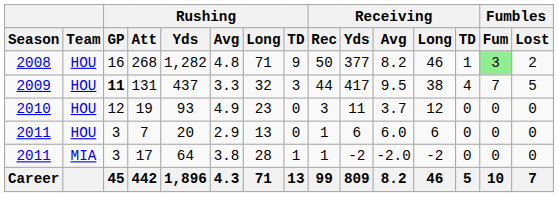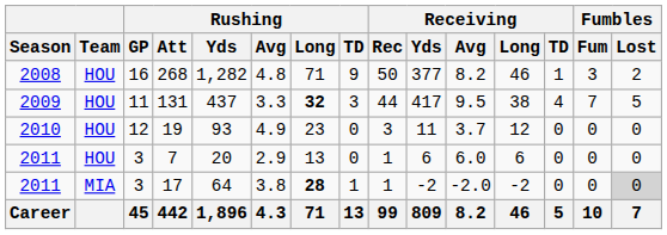 <table class="wikitable">
 <tr>
 <th colspan="2"> </th>
 <th colspan="6" style="text-align:center;">Rushing</th>
 <th colspan="5" style="text-align:center;">Receiving</th>
 <th colspan="2" style="text-align:center;">Fumbles</th>
 </tr>
 <tr>
 <th>Season</th>
 <th>Team</th>
 <th>GP</th>
 <th>Att</th>
 <th>Yds</th>
 <th>Avg</th>
 <th>Long</th>
 <th>TD</th>
 <th>Rec</th>
 <th>Yds</th>
 <th>Avg</th>
 <th>Long</th>
 <th>TD</th>
 <th>Fum</th>
 <th>Lost</th>
 </tr>
 <tr style="text-align:center;">
 <td><a href='#'>2008</a></td>
 <td><a href='#'>HOU</a></td>
 <td>16</td>
 <td>268</td>
 <td>1,282</td>
 <td>4.8</td>
 <td>71</td>
 <td>9</td>
 <td>50</td>
 <td>377</td>
 <td>8.2</td>
 <td>46</td>
 <td>1</td>
-<td style="background: lightgreen;">3</td>
+<td>3</td>
 <td>2</td>
 </tr>
 <tr style="text-align:center;">
 <td><a href='#'>2009</a></td>
 <td><a href='#'>HOU</a></td>
-<td><strong>11</strong></td>
+<td>11</td>
 <td>131</td>
 <td>437</td>
 <td>3.3</td>
-<td>32</td>
+<td><strong>32</strong></td>
 <td>3</td>
 <td>44</td>
 <td>417</td>
 <td>9.5</td>
 <td>38</td>
 <td>4</td>
 <td>7</td>
 <td>5</td>
 </tr>
 <tr style="text-align:center;">
 <td><a href='#'>2010</a></td>
 <td><a href='#'>HOU</a></td>
 <td>12</td>
 <td>19</td>
 <td>93</td>
 <td>4.9</td>
 <td>23</td>
 <td>0</td>
 <td>3</td>
 <td>11</td>
 <td>3.7</td>
 <td>12</td>
 <td>0</td>
 <td>0</td>
 <td>0</td>
 </tr>
 <tr style="text-align:center;">
 <td><a href='#'>2011</a></td>
 <td><a href='#'>HOU</a></td>
 <td>3</td>
 <td>7</td>
 <td>20</td>
 <td>2.9</td>
 <td>13</td>
 <td>0</td>
 <td>1</td>
 <td>6</td>
 <td>6.0</td>
 <td>6</td>
 <td>0</td>
 <td>0</td>
 <td>0</td>
 </tr>
 <tr style="text-align:center;">
 <td><a href='#'>2011</a></td>
 <td><a href='#'>MIA</a></td>
 <td>3</td>
 <td>17</td>
 <td>64</td>
 <td>3.8</td>
-<td>28</td>
+<td><strong>28</strong></td>
 <td>1</td>
 <td>1</td>
 <td>-2</td>
 <td>-2.0</td>
 <td>-2</td>
 <td>0</td>
 <td>0</td>
-<td>0</td>
+<td style="background: lightgrey;">0</td>
 </tr>
 <tr>
 <th>Career</th>
 <th></th>
 <th>45</th>
 <th>442</th>
 <th>1,896</th>
 <th>4.3</th>
 <th>71</th>
 <th>13</th>
 <th>99</th>
 <th>809</th>
 <th>8.2</th>
 <th>46</th>
 <th>5</th>
 <th>10</th>
 <th>7</th>
 </tr>
 </table>
